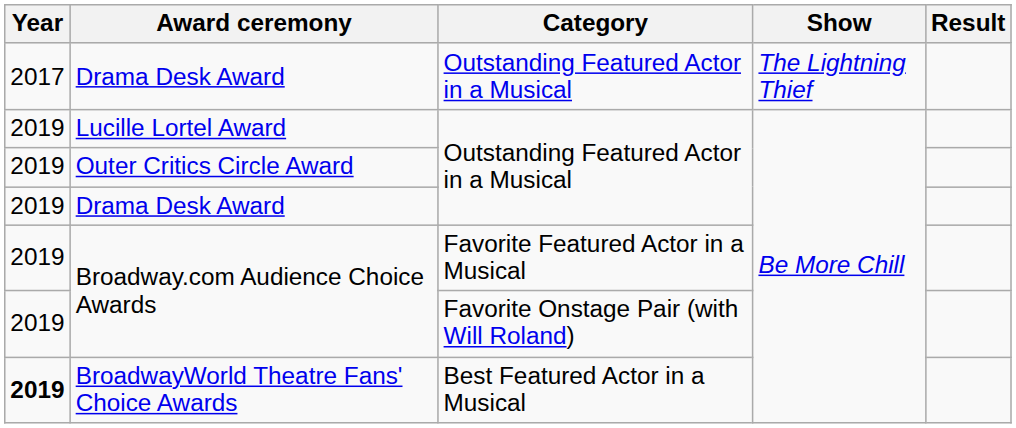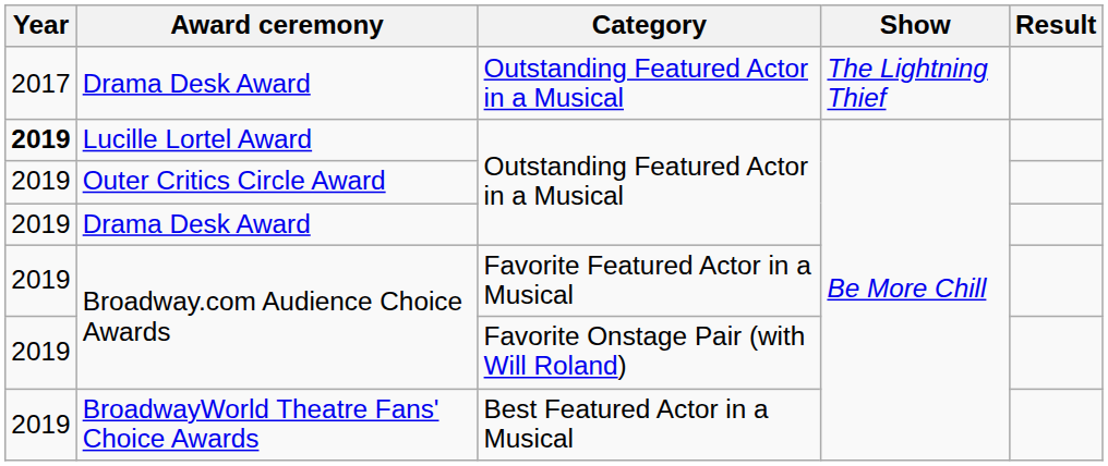 <table class=wikitable width=75%>
 <tr>
 <th scope=col>Year</th>
 <th scope=col>Award ceremony</th>
 <th scope=col>Category</th>
 <th scope=col>Show</th>
 <th scope=col>Result</th>
 </tr>
 <tr>
 <td align="center">2017</td>
 <td><a href='#'>Drama Desk Award</a></td>
 <td><a href='#'>Outstanding Featured Actor in a Musical</a></td>
 <td><em><a href='#'>The Lightning Thief</a></em></td>
 <td></td>
 </tr>
 <tr>
-<td align="center">2019</td>
+<td align="center"><strong>2019</strong></td>
 <td><a href='#'>Lucille Lortel Award</a></td>
 <td rowspan="3">Outstanding Featured Actor in a Musical</td>
 <td rowspan="6"><em><a href='#'>Be More Chill</a></em></td>
 <td></td>
 </tr>
 <tr>
 <td align="center">2019</td>
 <td><a href='#'>Outer Critics Circle Award</a></td>
 <td></td>
 </tr>
 <tr>
 <td align="center">2019</td>
 <td><a href='#'>Drama Desk Award</a></td>
 <td></td>
 </tr>
 <tr>
 <td align="center">2019</td>
 <td rowspan="2">Broadway.com Audience Choice Awards</td>
 <td>Favorite Featured Actor in a Musical</td>
 <td></td>
 </tr>
 <tr>
 <td align="center">2019</td>
 <td>Favorite Onstage Pair (with <a href='#'>Will Roland</a>)</td>
 <td></td>
 </tr>
 <tr>
-<td align="center"><strong>2019</strong></td>
+<td align="center">2019</td>
 <td><a href='#'>BroadwayWorld Theatre Fans' Choice Awards</a></td>
 <td>Best Featured Actor in a Musical</td>
 <td></td>
 </tr>
 </table>
